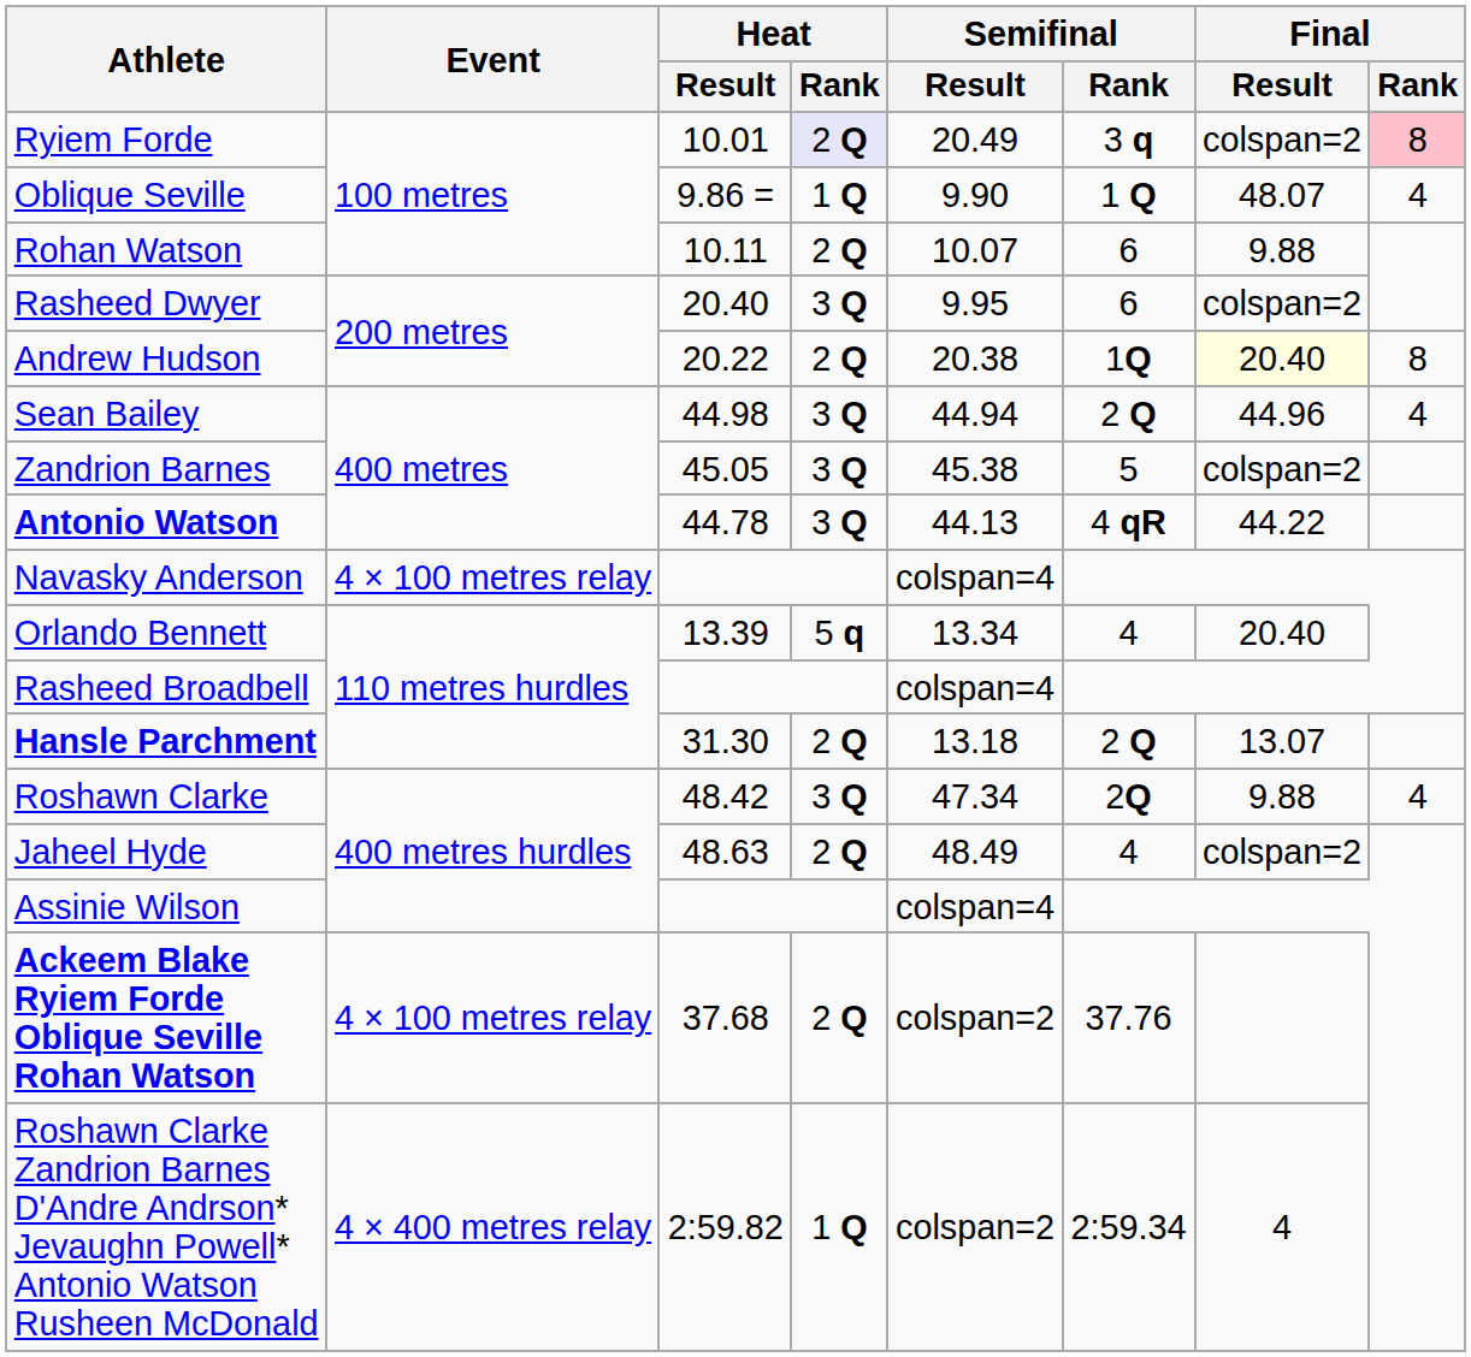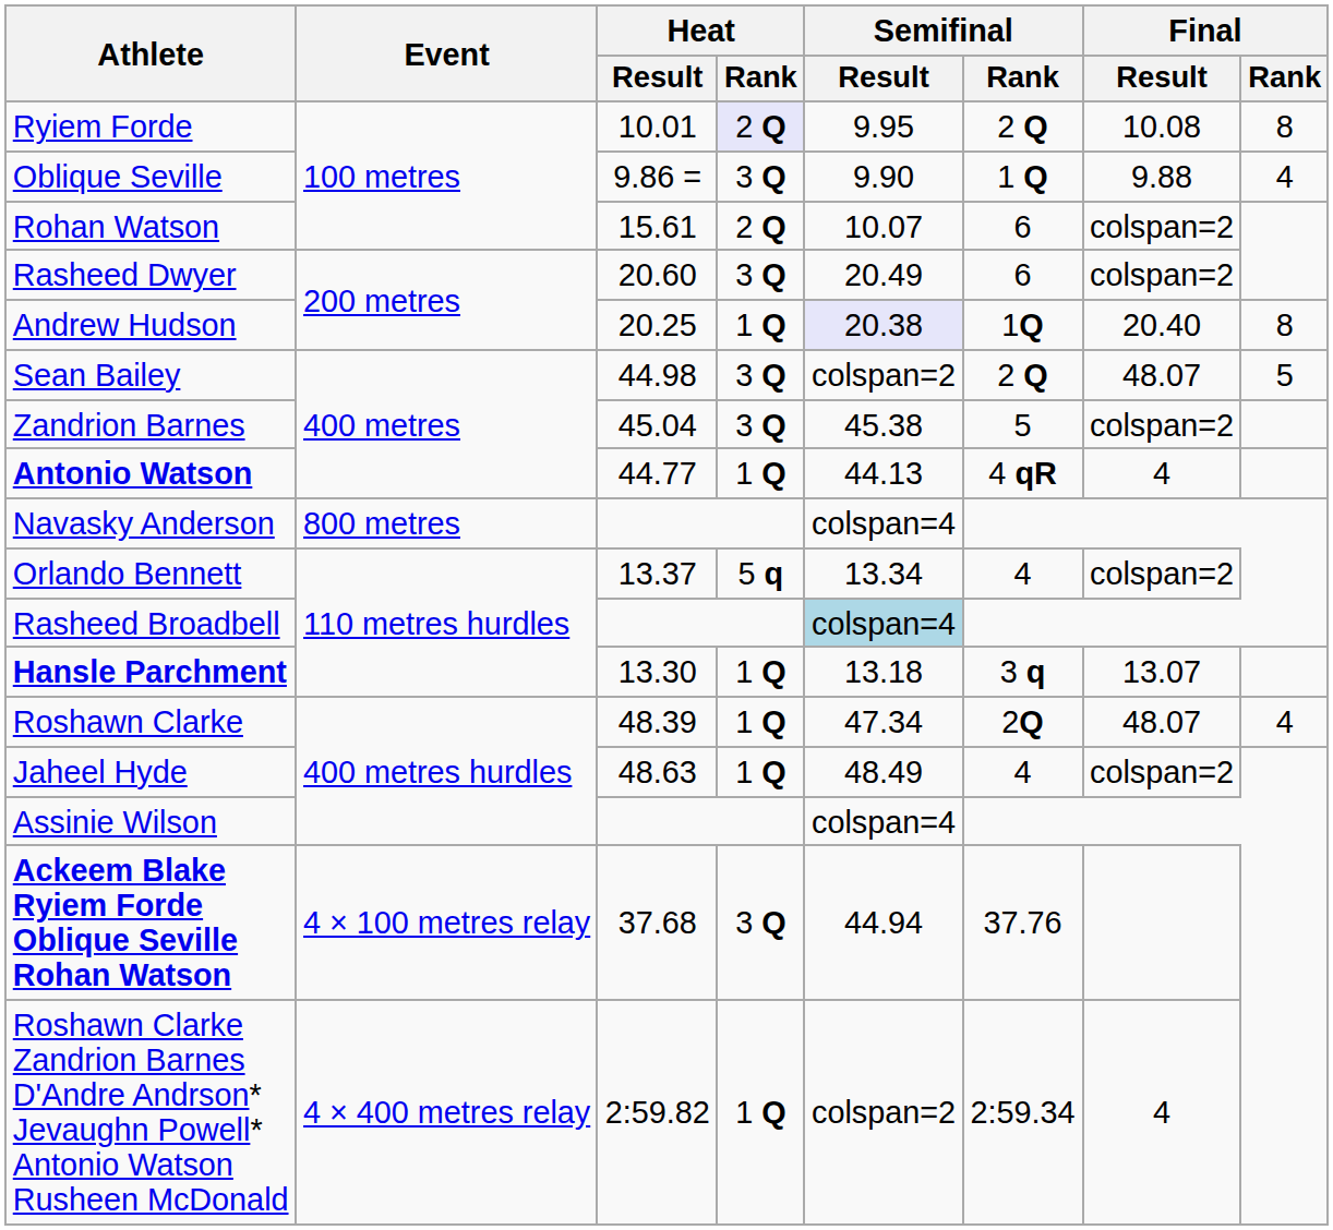 <table class="wikitable" style="font-size:90%">
 <tr>
 <th rowspan="2">Athlete</th>
 <th rowspan="2">Event</th>
 <th colspan="2">Heat</th>
 <th colspan="2">Semifinal</th>
 <th colspan="2">Final</th>
 </tr>
 <tr style="font-size:95%">
 <th>Result</th>
 <th>Rank</th>
 <th>Result</th>
 <th>Rank</th>
 <th>Result</th>
 <th>Rank</th>
 </tr>
 <tr align=center>
 <td align=left><a href='#'>Ryiem Forde</a></td>
 <td align=left rowspan=3><a href='#'>100 metres</a></td>
 <td>10.01</td>
 <td style="background: lavender;">2 <strong>Q</strong></td>
-<td>20.49</td>
-<td>3 <strong>q</strong></td>
-<td>colspan=2 </td>
-<td style="background: pink;">8</td>
+<td>9.95 </td>
+<td>2 <strong>Q</strong></td>
+<td>10.08</td>
+<td>8</td>
 </tr>
 <tr align=center>
 <td align=left><a href='#'>Oblique Seville</a></td>
 <td>9.86 =</td>
-<td>1 <strong>Q</strong></td>
+<td>3 <strong>Q</strong></td>
 <td>9.90</td>
 <td>1 <strong>Q</strong></td>
-<td>48.07</td>
+<td>9.88</td>
 <td>4</td>
 </tr>
 <tr align=center>
 <td align=left><a href='#'>Rohan Watson</a></td>
-<td>10.11</td>
+<td>15.61</td>
 <td>2 <strong>Q</strong></td>
 <td>10.07</td>
 <td>6</td>
-<td>9.88</td>
+<td>colspan=2 </td>
 </tr>
 <tr align=center>
 <td align=left><a href='#'>Rasheed Dwyer</a></td>
 <td align=left rowspan=2><a href='#'>200 metres</a></td>
-<td>20.40</td>
+<td>20.60</td>
 <td>3 <strong>Q</strong></td>
-<td>9.95 </td>
+<td>20.49</td>
 <td>6</td>
 <td>colspan=2 </td>
 </tr>
 <tr align=center>
 <td align=left><a href='#'>Andrew Hudson</a></td>
-<td>20.22</td>
-<td>2 <strong>Q</strong></td>
-<td>20.38</td>
+<td>20.25</td>
+<td>1 <strong>Q</strong></td>
+<td style="background: lavender;">20.38</td>
 <td>1<strong>Q</strong></td>
-<td style="background: lightyellow;">20.40</td>
+<td>20.40</td>
 <td>8</td>
 </tr>
 <tr align=center>
 <td align=left><a href='#'>Sean Bailey</a></td>
 <td align=left rowspan=3><a href='#'>400 metres</a></td>
 <td>44.98</td>
 <td>3 <strong>Q</strong></td>
-<td>44.94</td>
+<td>colspan=2</td>
 <td>2 <strong>Q</strong></td>
-<td>44.96</td>
-<td>4</td>
+<td>48.07</td>
+<td>5</td>
 </tr>
 <tr align=center>
 <td align=left><a href='#'>Zandrion Barnes</a></td>
-<td>45.05</td>
+<td>45.04</td>
 <td>3 <strong>Q</strong></td>
 <td>45.38</td>
 <td>5</td>
 <td>colspan=2 </td>
 </tr>
 <tr align=center>
 <td align=left><strong><a href='#'>Antonio Watson</a></strong></td>
-<td>44.78</td>
-<td>3 <strong>Q</strong></td>
+<td>44.77</td>
+<td>1 <strong>Q</strong></td>
 <td>44.13 </td>
 <td>4 <strong>qR</strong></td>
-<td>44.22</td>
+<td>4</td>
 <td></td>
 </tr>
 <tr align=center>
 <td align=left><a href='#'>Navasky Anderson</a></td>
-<td align=left><a href='#'>4 × 100 metres relay</a></td>
+<td align=left><a href='#'>800 metres</a></td>
 <td colspan=2></td>
 <td>colspan=4 </td>
 </tr>
 <tr align=center>
 <td align=left><a href='#'>Orlando Bennett</a></td>
 <td align=left rowspan=3><a href='#'>110 metres hurdles</a></td>
-<td>13.39</td>
+<td>13.37</td>
 <td>5 <strong>q</strong></td>
 <td>13.34</td>
 <td>4</td>
-<td>20.40</td>
+<td>colspan=2 </td>
 </tr>
 <tr align=center>
 <td align=left><a href='#'>Rasheed Broadbell</a></td>
 <td colspan=2></td>
-<td>colspan=4 </td>
+<td style="background: lightblue;">colspan=4 </td>
 </tr>
 <tr align=center>
 <td align=left><strong><a href='#'>Hansle Parchment</a></strong></td>
-<td>31.30</td>
-<td>2 <strong>Q</strong></td>
+<td>13.30</td>
+<td>1 <strong>Q</strong></td>
 <td>13.18</td>
-<td>2 <strong>Q</strong></td>
+<td>3 <strong>q</strong></td>
 <td>13.07 </td>
 <td></td>
 </tr>
 <tr align=center>
 <td align=left><a href='#'>Roshawn Clarke</a></td>
 <td align=left rowspan=3><a href='#'>400 metres hurdles</a></td>
-<td>48.42</td>
-<td>3 <strong>Q</strong></td>
+<td>48.39</td>
+<td>1 <strong>Q</strong></td>
 <td>47.34 </td>
 <td>2<strong>Q</strong></td>
-<td>9.88</td>
+<td>48.07</td>
 <td>4</td>
 </tr>
 <tr align=center>
 <td align=left><a href='#'>Jaheel Hyde</a></td>
 <td>48.63</td>
-<td>2 <strong>Q</strong></td>
+<td>1 <strong>Q</strong></td>
 <td>48.49</td>
 <td>4</td>
 <td>colspan=2 </td>
 </tr>
 <tr align=center>
 <td align=left><a href='#'>Assinie Wilson</a></td>
 <td colspan=2></td>
 <td>colspan=4 </td>
 </tr>
 <tr align=center>
 <td align=left><strong><a href='#'>Ackeem Blake</a><br><a href='#'>Ryiem Forde</a><br><a href='#'>Oblique Seville</a><br><a href='#'>Rohan Watson</a></strong></td>
 <td align=left><a href='#'>4 × 100 metres relay</a></td>
 <td>37.68 </td>
-<td>2 <strong>Q</strong></td>
-<td>colspan=2</td>
+<td>3 <strong>Q</strong></td>
+<td>44.94</td>
 <td>37.76</td>
 <td></td>
 </tr>
 <tr align=center>
 <td align=left><a href='#'>Roshawn Clarke</a><br><a href='#'>Zandrion Barnes</a><br><a href='#'>D'Andre Andrson</a>*<br><a href='#'>Jevaughn Powell</a>*<br><a href='#'>Antonio Watson</a><br><a href='#'>Rusheen McDonald</a></td>
 <td align=left><a href='#'>4 × 400 metres relay</a></td>
 <td>2:59.82 </td>
 <td>1 <strong>Q</strong></td>
 <td>colspan=2</td>
 <td>2:59.34 </td>
 <td>4</td>
 </tr>
 </table>
